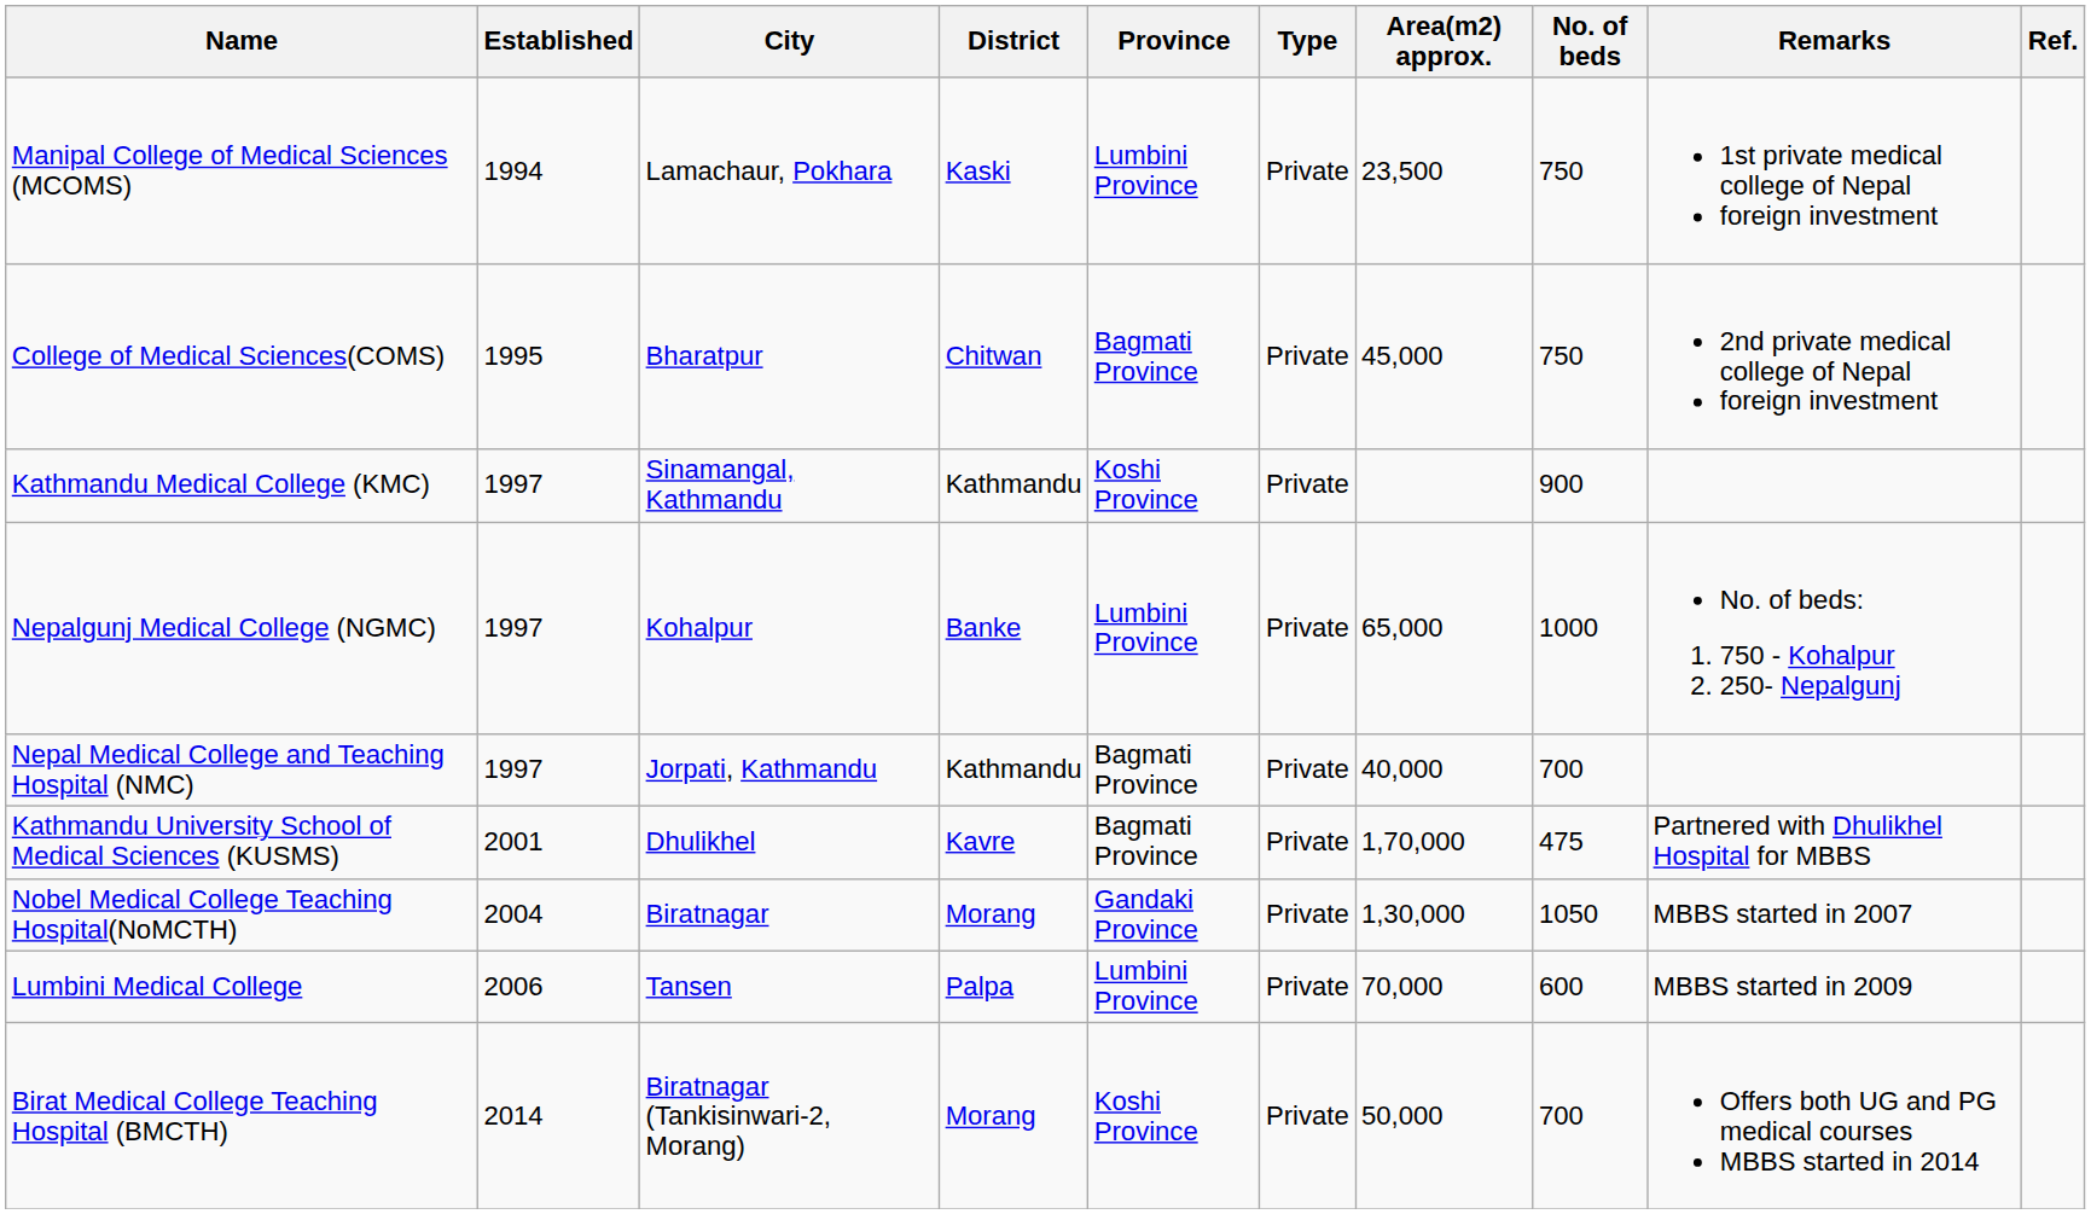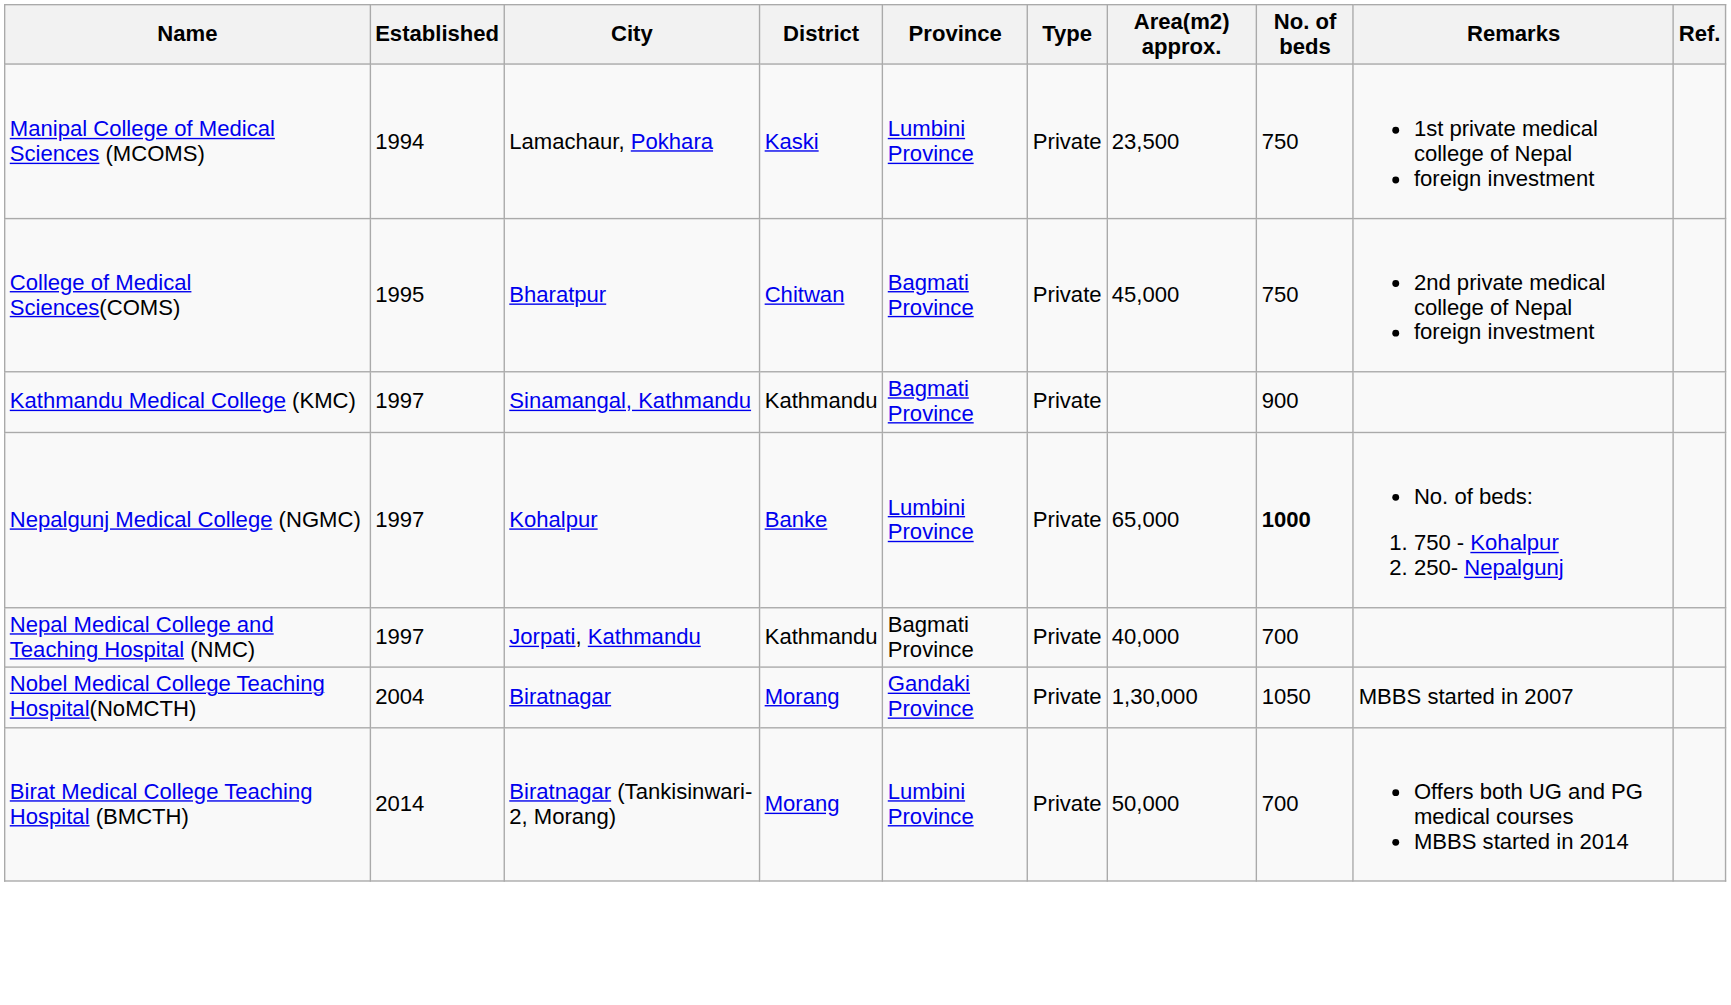 <table class="wikitable sortable mw-collapsible">
 <tr>
 <th>Name</th>
 <th>Established</th>
 <th>City</th>
 <th>District</th>
 <th>Province</th>
 <th>Type</th>
 <th>Area(m2) approx.</th>
 <th>No. of beds</th>
 <th>Remarks</th>
 <th>Ref.</th>
 </tr>
 <tr>
 <td><a href='#'>Manipal College of Medical Sciences</a> (MCOMS)</td>
 <td>1994</td>
 <td>Lamachaur, <a href='#'>Pokhara</a></td>
 <td><a href='#'>Kaski</a></td>
 <td><a href='#'>Lumbini Province</a></td>
 <td>Private</td>
 <td>23,500</td>
 <td>750</td>
 <td><br><ul><li>1st private medical college of Nepal</li><li>foreign investment</li></ul></td>
 <td></td>
 </tr>
 <tr>
 <td><a href='#'>College of Medical Sciences</a>(COMS)</td>
 <td>1995</td>
 <td><a href='#'>Bharatpur</a></td>
 <td><a href='#'>Chitwan</a></td>
 <td><a href='#'>Bagmati Province</a></td>
 <td>Private</td>
 <td>45,000</td>
 <td>750</td>
 <td><br><ul><li>2nd private medical college of Nepal</li><li>foreign investment</li></ul></td>
 <td></td>
 </tr>
 <tr>
 <td><a href='#'>Kathmandu Medical College</a> (KMC)</td>
 <td>1997</td>
 <td><a href='#'>Sinamangal, Kathmandu</a></td>
 <td>Kathmandu</td>
-<td><a href='#'>Koshi Province</a></td>
+<td><a href='#'>Bagmati Province</a></td>
 <td>Private</td>
 <td></td>
 <td>900</td>
 <td></td>
 <td></td>
 </tr>
 <tr>
 <td><a href='#'>Nepalgunj Medical College</a> (NGMC)</td>
 <td>1997</td>
 <td><a href='#'>Kohalpur</a></td>
 <td><a href='#'>Banke</a></td>
 <td><a href='#'>Lumbini Province</a></td>
 <td>Private</td>
 <td>65,000</td>
-<td>1000</td>
+<td><strong>1000</strong></td>
 <td><br><ul><li>No. of beds:</li></ul><ol><li>750 - <a href='#'>Kohalpur</a></li><li>250- <a href='#'>Nepalgunj</a></li></ol></td>
 <td></td>
 </tr>
 <tr>
 <td><a href='#'>Nepal Medical College and Teaching Hospital</a> (NMC)</td>
 <td>1997</td>
 <td><a href='#'>Jorpati</a>, <a href='#'>Kathmandu</a></td>
 <td>Kathmandu</td>
 <td>Bagmati Province</td>
 <td>Private</td>
 <td>40,000</td>
 <td>700</td>
 <td></td>
 <td></td>
 </tr>
 <tr>
-<td><a href='#'>Kathmandu University School of Medical Sciences</a> (KUSMS)</td>
-<td>2001</td>
-<td><a href='#'>Dhulikhel</a></td>
-<td><a href='#'>Kavre</a></td>
-<td>Bagmati Province</td>
-<td>Private</td>
-<td>1,70,000</td>
-<td>475</td>
-<td>Partnered with <a href='#'>Dhulikhel Hospital</a> for MBBS</td>
-<td></td>
-</tr>
-<tr>
 <td><a href='#'>Nobel Medical College Teaching Hospital</a>(NoMCTH)</td>
 <td>2004</td>
 <td><a href='#'>Biratnagar</a></td>
 <td><a href='#'>Morang</a></td>
 <td><a href='#'>Gandaki Province</a></td>
 <td>Private</td>
 <td>1,30,000</td>
 <td>1050</td>
 <td>MBBS started in 2007</td>
 <td></td>
 </tr>
 <tr>
-<td><a href='#'>Lumbini Medical College</a></td>
-<td>2006</td>
-<td><a href='#'>Tansen</a></td>
-<td><a href='#'>Palpa</a></td>
-<td><a href='#'>Lumbini Province</a></td>
-<td>Private</td>
-<td>70,000</td>
-<td>600</td>
-<td>MBBS started in 2009</td>
-<td></td>
-</tr>
-<tr>
 <td><a href='#'>Birat Medical College Teaching Hospital</a> (BMCTH)</td>
 <td>2014</td>
 <td><a href='#'>Biratnagar</a> (Tankisinwari-2, Morang)</td>
 <td><a href='#'>Morang</a></td>
-<td><a href='#'>Koshi Province</a></td>
+<td><a href='#'>Lumbini Province</a></td>
 <td>Private</td>
 <td>50,000</td>
 <td>700</td>
 <td><br><ul><li>Offers both UG and PG medical courses</li><li>MBBS started in 2014</li></ul></td>
 <td></td>
 </tr>
 </table>
